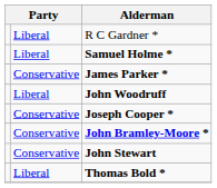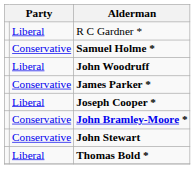 <table class="wikitable">
 <tr>
 <th colspan="2">Party</th>
 <th>Alderman</th>
 </tr>
 <tr>
 <td style="background-color:"></td>
 <td><a href='#'>Liberal</a></td>
 <td>R C Gardner *</td>
 </tr>
 <tr>
 <td style="background-color:"></td>
+<td><a href='#'>Conservative</a></td>
+<td><strong>Samuel Holme *</strong></td>
+</tr>
+<tr>
+<td style="background-color:"></td>
 <td><a href='#'>Liberal</a></td>
-<td><strong>Samuel Holme *</strong></td>
+<td><strong>John Woodruff</strong></td>
 </tr>
 <tr>
 <td style="background-color:"></td>
 <td><a href='#'>Conservative</a></td>
 <td><strong>James Parker *</strong></td>
 </tr>
 <tr>
 <td style="background-color:"></td>
 <td><a href='#'>Liberal</a></td>
-<td><strong>John Woodruff</strong></td>
-</tr>
-<tr>
-<td style="background-color:"></td>
-<td><a href='#'>Conservative</a></td>
 <td><strong>Joseph Cooper *</strong></td>
 </tr>
 <tr>
 <td style="background-color:"></td>
 <td><a href='#'>Conservative</a></td>
 <td><strong><a href='#'>John Bramley-Moore</a> *</strong></td>
 </tr>
 <tr>
 <td style="background-color:"></td>
 <td><a href='#'>Conservative</a></td>
 <td><strong>John Stewart</strong></td>
 </tr>
 <tr>
 <td style="background-color:"></td>
 <td><a href='#'>Liberal</a></td>
 <td><strong>Thomas Bold *</strong></td>
 </tr>
 <tr>
 </tr>
 </table>
